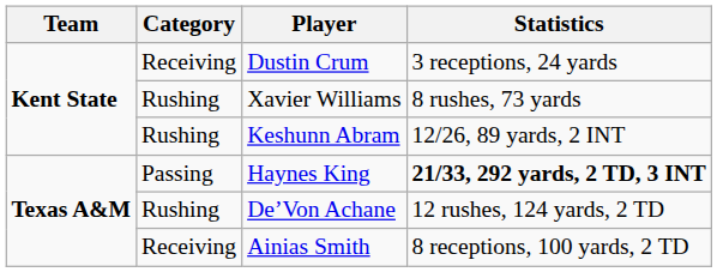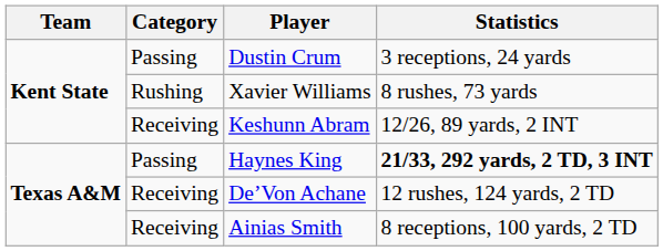 <table class="wikitable" style="float: right;">
 <tr>
 <th>Team</th>
 <th>Category</th>
 <th>Player</th>
 <th>Statistics</th>
 </tr>
 <tr>
 <td rowspan=3><strong>Kent State</strong></td>
-<td>Receiving</td>
+<td>Passing</td>
 <td><a href='#'>Dustin Crum</a></td>
 <td>3 receptions, 24 yards</td>
 </tr>
 <tr>
 <td>Rushing</td>
 <td>Xavier Williams</td>
 <td>8 rushes, 73 yards</td>
 </tr>
 <tr>
-<td>Rushing</td>
+<td>Receiving</td>
 <td><a href='#'>Keshunn Abram</a></td>
 <td>12/26, 89 yards, 2 INT</td>
 </tr>
 <tr>
 <td rowspan=3><strong>Texas A&M</strong></td>
 <td>Passing</td>
 <td><a href='#'>Haynes King</a></td>
 <td><strong>21/33, 292 yards, 2 TD, 3 INT</strong></td>
 </tr>
 <tr>
-<td>Rushing</td>
+<td>Receiving</td>
 <td><a href='#'>De’Von Achane</a></td>
 <td>12 rushes, 124 yards, 2 TD</td>
 </tr>
 <tr>
 <td>Receiving</td>
 <td><a href='#'>Ainias Smith</a></td>
 <td>8 receptions, 100 yards, 2 TD</td>
 </tr>
 </table>
